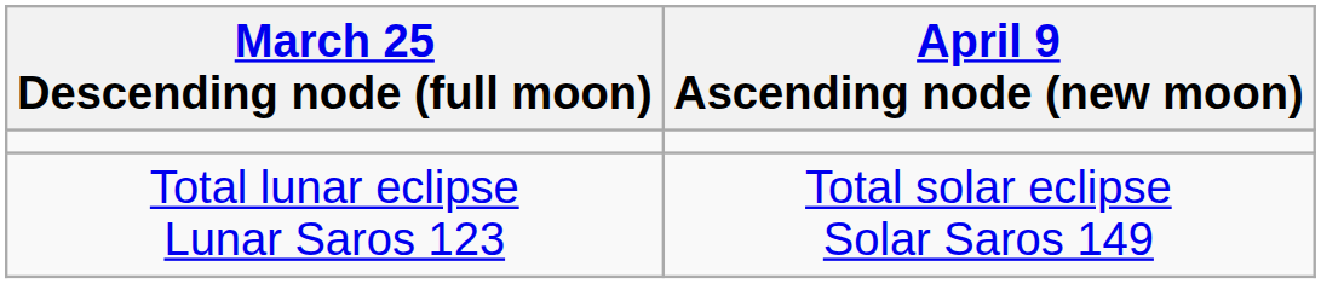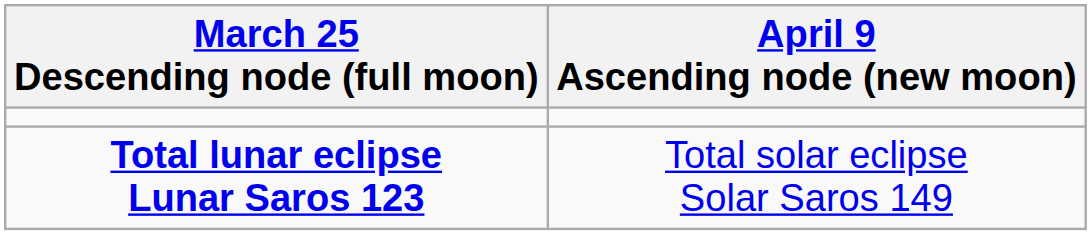 <table class="wikitable">
 <tr>
 <th><a href='#'>March 25</a><br>Descending node (full moon)<br></th>
 <th><a href='#'>April 9</a><br>Ascending node (new moon)<br></th>
 </tr>
 <tr>
 <td></td>
 <td></td>
 </tr>
 <tr align=center>
-<td><a href='#'>Total lunar eclipse</a><br><a href='#'>Lunar Saros 123</a></td>
+<td><strong><a href='#'>Total lunar eclipse</a><br><a href='#'>Lunar Saros 123</a></strong></td>
 <td><a href='#'>Total solar eclipse</a><br><a href='#'>Solar Saros 149</a></td>
 </tr>
 </table>
